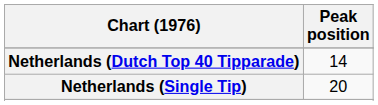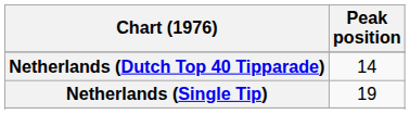 <table class="wikitable sortable plainrowheaders" style="text-align:center">
 <tr>
 <th>Chart (1976)</th>
 <th>Peak<br>position</th>
 </tr>
 <tr>
 </tr>
 <tr>
 </tr>
 <tr>
 <th scope="row">Netherlands (<a href='#'>Dutch Top 40 Tipparade</a>)</th>
 <td>14</td>
 </tr>
 <tr>
 <th scope="row">Netherlands (<a href='#'>Single Tip</a>)</th>
-<td>20</td>
+<td>19</td>
 </tr>
 <tr>
 </tr>
 <tr>
 </tr>
 <tr>
 </tr>
 </table>
